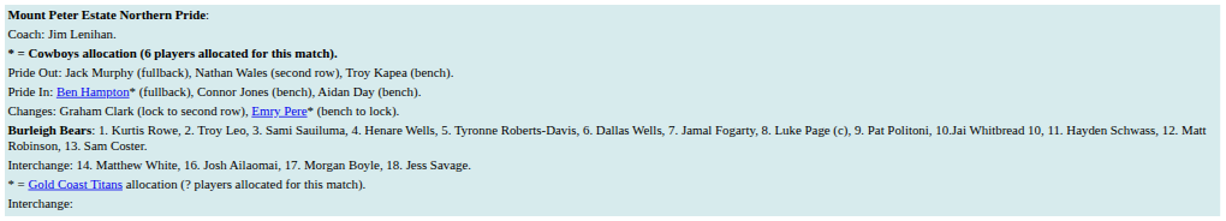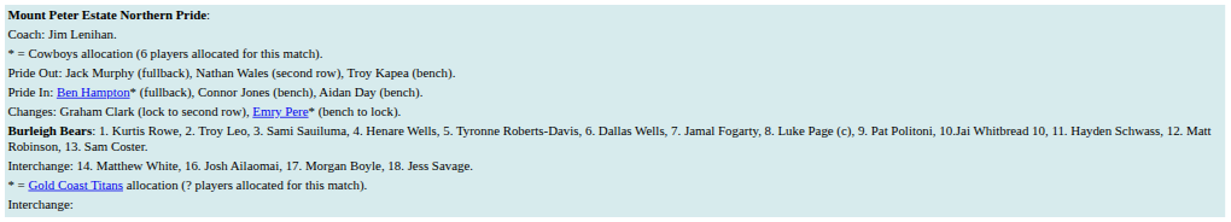 <table style="background:#d7ebed; font-size:85%; width:100%;">
 <tr>
 <td><strong>Mount Peter Estate Northern Pride</strong>:             </td>
 </tr>
 <tr>
 <td>Coach: Jim Lenihan.</td>
 </tr>
 <tr>
-<td><strong>* = Cowboys allocation (6 players allocated for this match).</strong></td>
+<td>* = Cowboys allocation (6 players allocated for this match).</td>
 </tr>
 <tr>
 <td>Pride Out: Jack Murphy (fullback), Nathan Wales (second row), Troy Kapea (bench).</td>
 </tr>
 <tr>
 <td>Pride In: <a href='#'>Ben Hampton</a>* (fullback), Connor Jones (bench), Aidan Day (bench).</td>
 </tr>
 <tr>
 <td>Changes: Graham Clark (lock to second row), <a href='#'>Emry Pere</a>* (bench to lock).</td>
 </tr>
 <tr>
 <td><strong>Burleigh Bears</strong>: 1. Kurtis Rowe, 2. Troy Leo, 3. Sami Sauiluma, 4. Henare Wells, 5. Tyronne Roberts-Davis, 6. Dallas Wells, 7. Jamal Fogarty, 8. Luke Page (c), 9. Pat Politoni, 10.Jai Whitbread    10, 11. Hayden Schwass, 12. Matt Robinson, 13. Sam Coster.</td>
 </tr>
 <tr>
 <td>Interchange: 14. Matthew White, 16. Josh Ailaomai, 17. Morgan Boyle, 18. Jess Savage.</td>
 </tr>
 <tr>
 <td>* = <a href='#'>Gold Coast Titans</a> allocation (? players allocated for this match).</td>
 </tr>
 <tr>
 <td>Interchange:    </td>
 </tr>
 <tr>
 </tr>
 </table>
